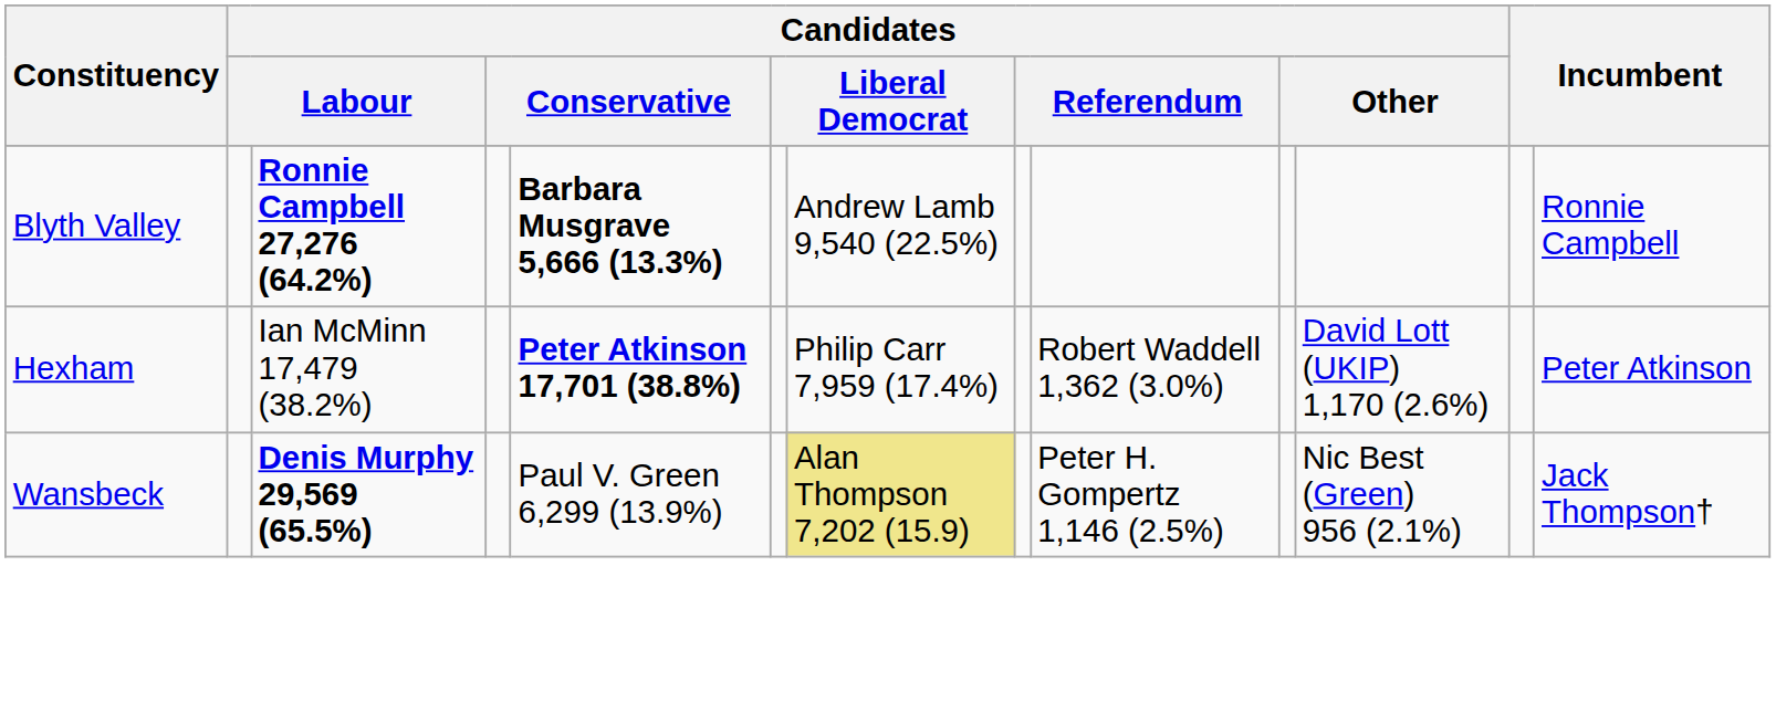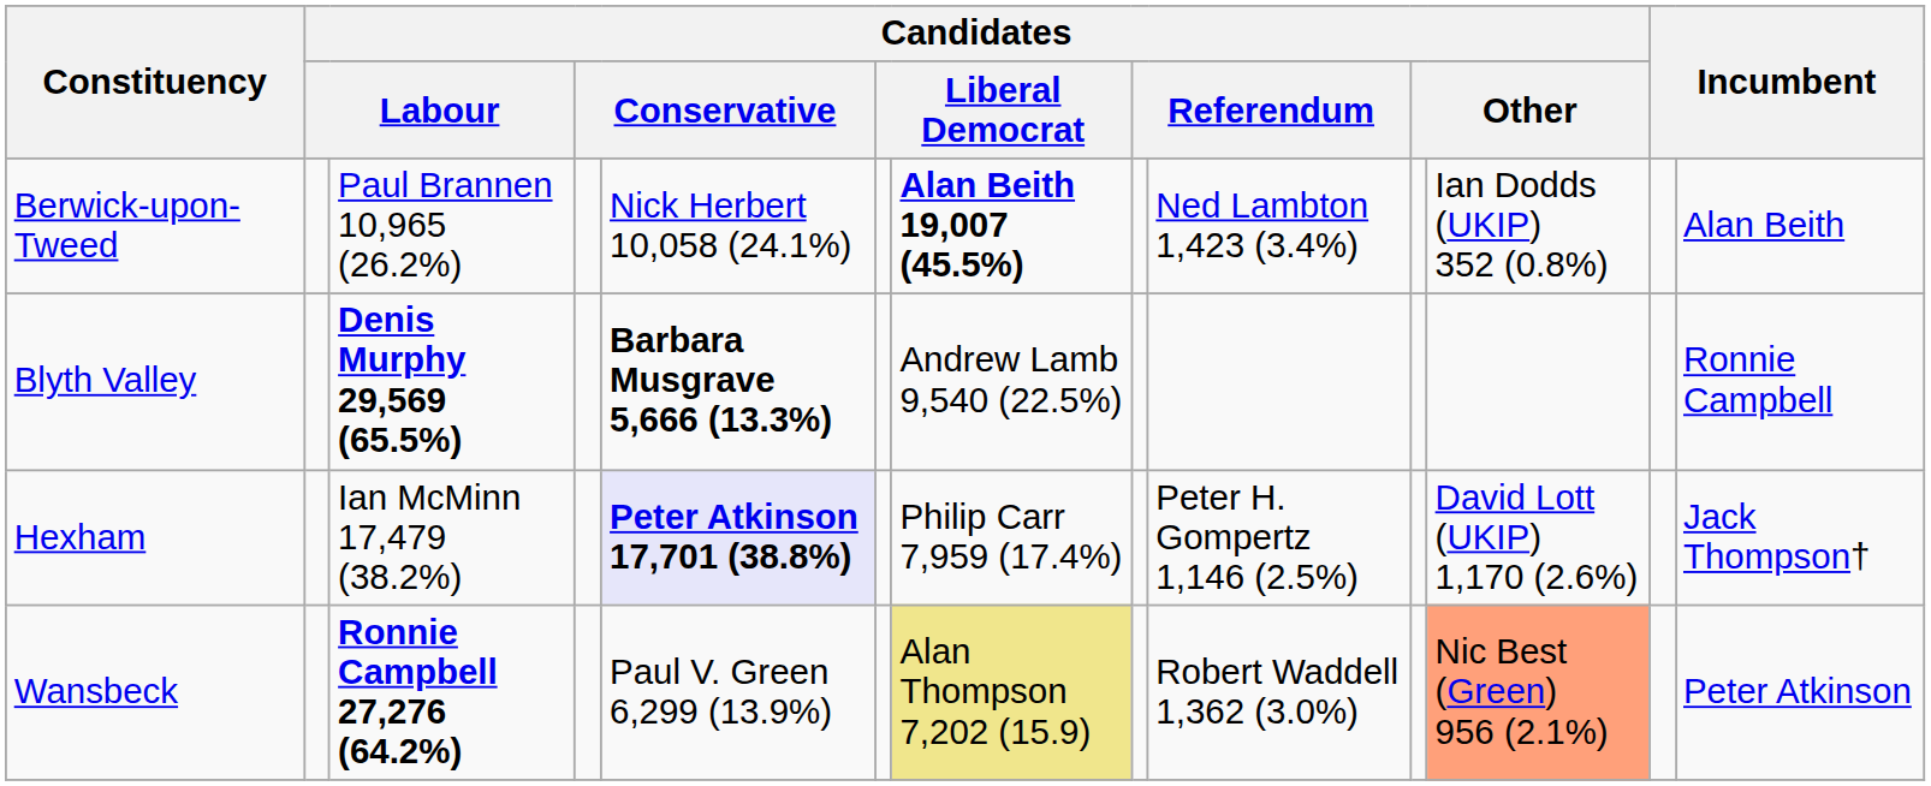 <table class="wikitable">
 <tr>
 <th rowspan="2">Constituency</th>
 <th colspan="10">Candidates</th>
 <th colspan="2" rowspan="2">Incumbent</th>
 </tr>
 <tr>
 <th colspan="2"><a href='#'>Labour</a></th>
 <th colspan="2"><a href='#'>Conservative</a></th>
 <th colspan="2"><a href='#'>Liberal Democrat</a></th>
 <th colspan="2"><a href='#'>Referendum</a></th>
 <th colspan="2">Other</th>
 </tr>
 <tr>
+<td><a href='#'>Berwick-upon-Tweed</a></td>
+<td></td>
+<td><a href='#'>Paul Brannen</a><br>10,965 (26.2%)</td>
+<td></td>
+<td><a href='#'>Nick Herbert</a><br>10,058 (24.1%)</td>
+<td style="color:inherit;background:"></td>
+<td><strong><a href='#'>Alan Beith</a></strong><br><strong>19,007 (45.5%)</strong></td>
+<td></td>
+<td><a href='#'>Ned Lambton</a><br>1,423 (3.4%)</td>
+<td></td>
+<td>Ian Dodds (<a href='#'>UKIP</a>)<br>352 (0.8%)</td>
+<td style="color:inherit;background:"></td>
+<td><a href='#'>Alan Beith</a></td>
+</tr>
+<tr>
 <td><a href='#'>Blyth Valley</a></td>
 <td style="color:inherit;background:"> </td>
-<td><strong><a href='#'>Ronnie Campbell</a></strong><br><strong>27,276 (64.2%)</strong></td>
+<td><strong><a href='#'>Denis Murphy</a></strong><br><strong>29,569 (65.5%)</strong></td>
 <td></td>
 <td><strong>Barbara Musgrave<br>5,666 (13.3%)</strong></td>
 <td></td>
 <td>Andrew Lamb<br>9,540 (22.5%)</td>
 <td></td>
 <td></td>
 <td></td>
 <td></td>
 <td style="color:inherit;background:"> </td>
 <td><a href='#'>Ronnie Campbell</a></td>
 </tr>
 <tr>
 <td><a href='#'>Hexham</a></td>
 <td></td>
 <td>Ian McMinn<br>17,479 (38.2%)</td>
 <td style="color:inherit;background:"> </td>
-<td><strong><a href='#'>Peter Atkinson</a></strong><br><strong>17,701 (38.8%)</strong></td>
+<td style="background: lavender;"><strong><a href='#'>Peter Atkinson</a></strong><br><strong>17,701 (38.8%)</strong></td>
 <td></td>
 <td>Philip Carr<br>7,959 (17.4%)</td>
 <td></td>
-<td>Robert Waddell<br>1,362 (3.0%)</td>
+<td>Peter H. Gompertz<br>1,146 (2.5%)</td>
 <td></td>
 <td><a href='#'>David Lott</a> (<a href='#'>UKIP</a>)<br>1,170 (2.6%)</td>
 <td style="color:inherit;background:"> </td>
-<td><a href='#'>Peter Atkinson</a></td>
+<td><a href='#'>Jack Thompson</a>†</td>
 </tr>
 <tr>
 <td><a href='#'>Wansbeck</a></td>
 <td style="color:inherit;background:"> </td>
-<td><strong><a href='#'>Denis Murphy</a></strong><br><strong>29,569 (65.5%)</strong></td>
+<td><strong><a href='#'>Ronnie Campbell</a></strong><br><strong>27,276 (64.2%)</strong></td>
 <td></td>
 <td>Paul V. Green<br>6,299 (13.9%)</td>
 <td></td>
 <td style="background: khaki;">Alan Thompson<br>7,202 (15.9)</td>
 <td></td>
-<td>Peter H. Gompertz<br>1,146 (2.5%)</td>
+<td>Robert Waddell<br>1,362 (3.0%)</td>
 <td></td>
-<td>Nic Best (<a href='#'>Green</a>)<br>956 (2.1%)</td>
+<td style="background: lightsalmon;">Nic Best (<a href='#'>Green</a>)<br>956 (2.1%)</td>
 <td style="color:inherit;background:"> </td>
-<td><a href='#'>Jack Thompson</a>†</td>
+<td><a href='#'>Peter Atkinson</a></td>
 </tr>
 </table>
